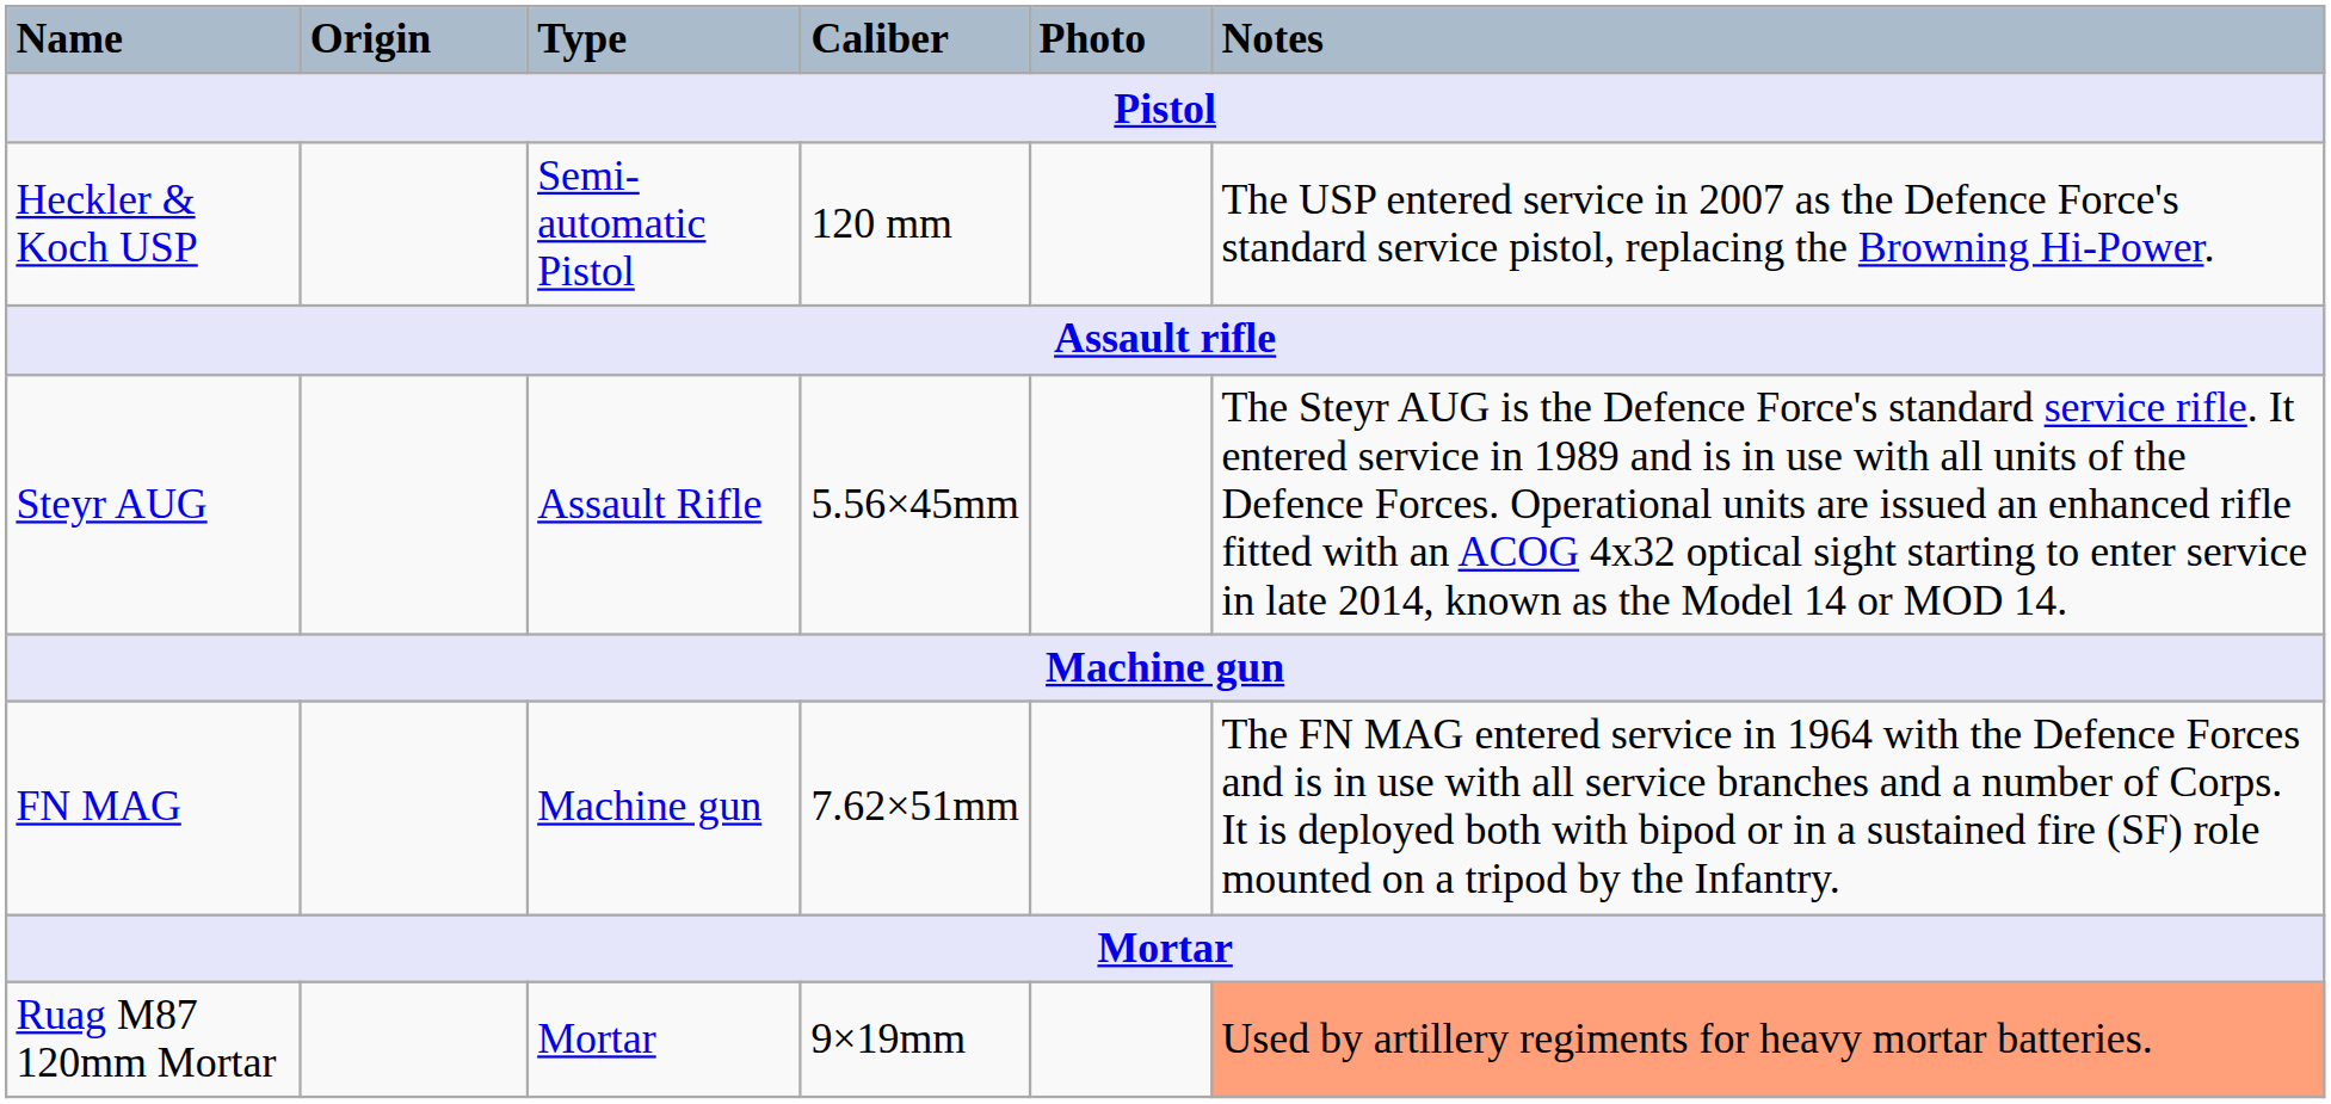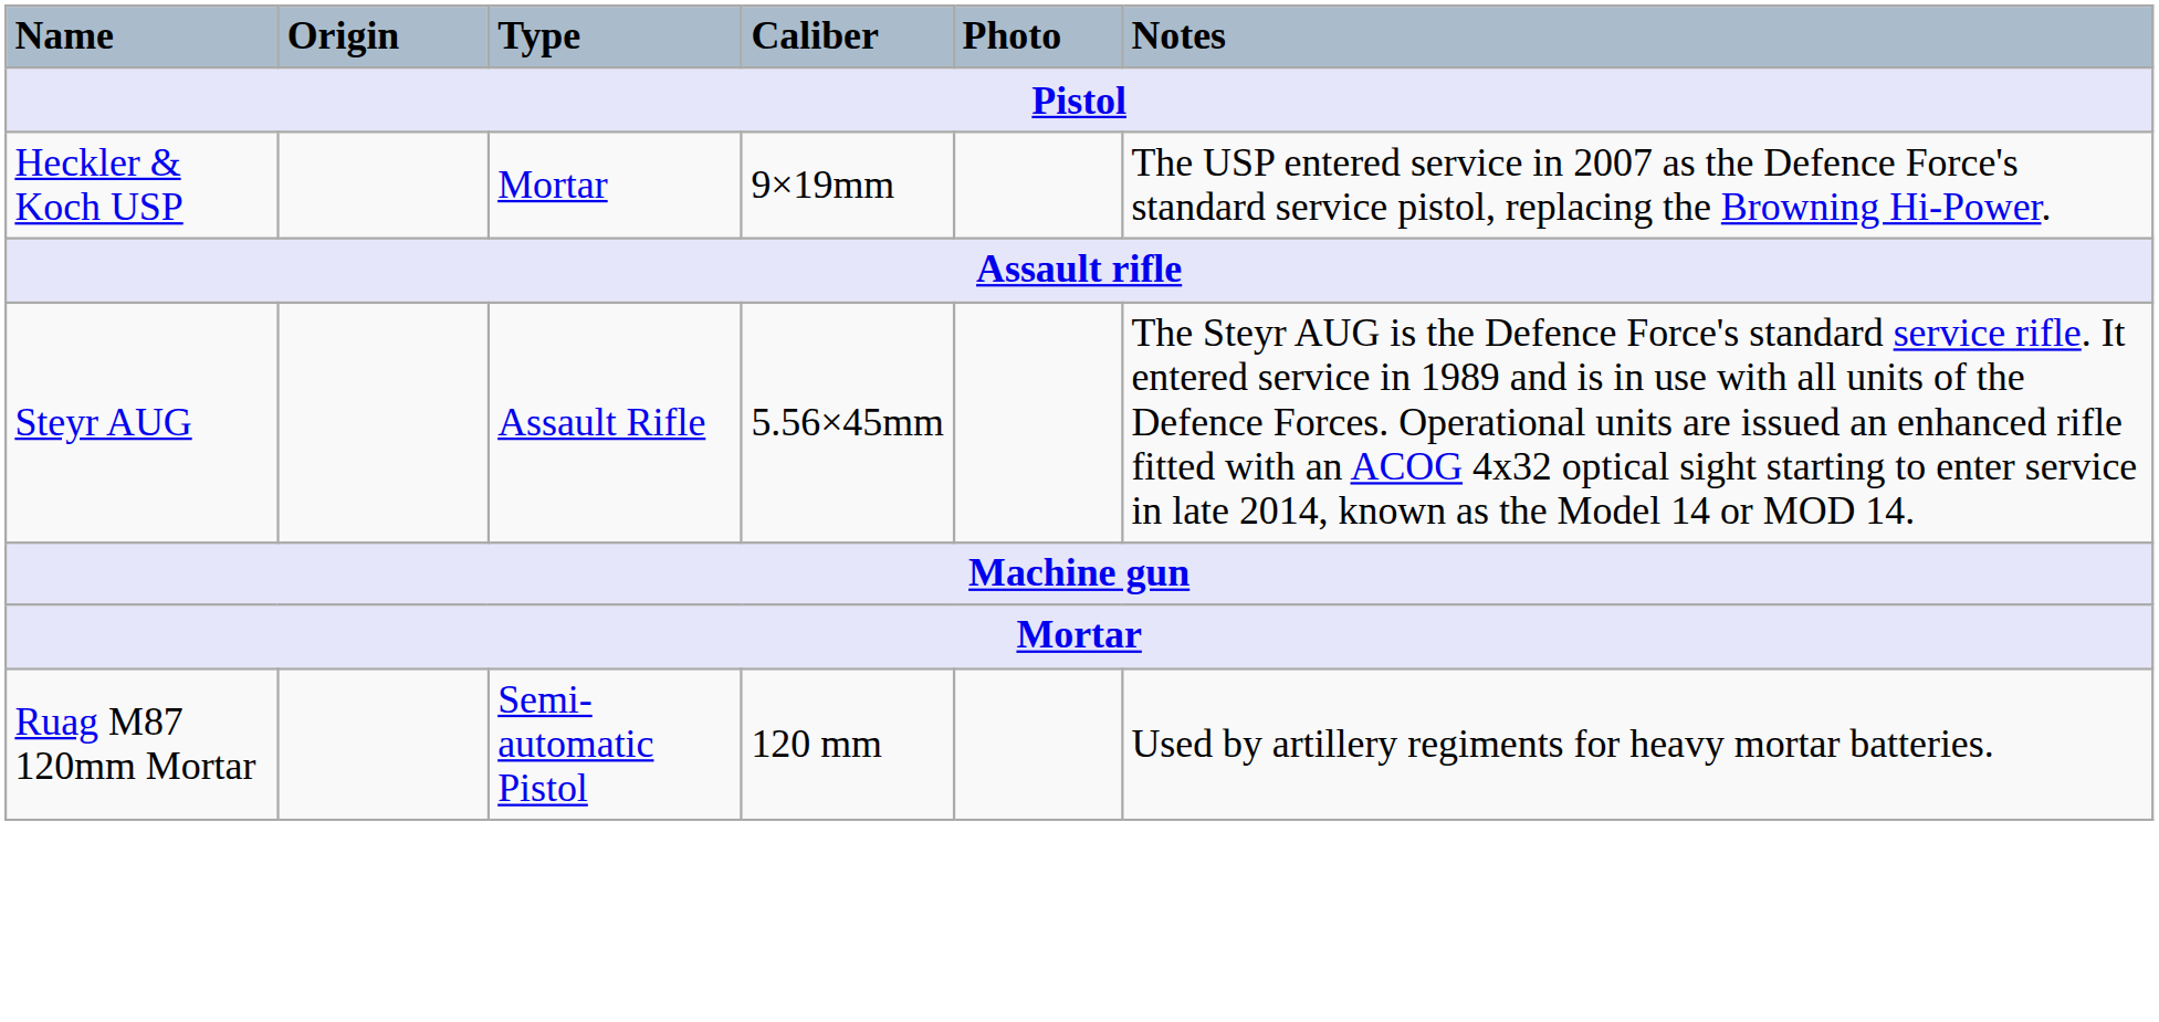 <table class="wikitable">
 <tr>
 <th style="text-align: left; background: #aabccc; width:13%;">Name</th>
 <th style="text-align: left; background: #aabccc; width:10%;">Origin</th>
 <th style="text-align: left; background: #aabccc; width:12%;">Type</th>
 <th style="text-align: left; background: #aabccc; width:7%;">Caliber</th>
 <th style="text-align: left; background: #aabccc;width:8%; ">Photo</th>
 <th style="text-align: left; background: #aabccc;width:50%;">Notes</th>
 </tr>
 <tr>
 <th style="align: center; background: lavender;" colspan="6"><a href='#'>Pistol</a></th>
 </tr>
 <tr>
 <td><a href='#'>Heckler & Koch USP</a></td>
 <td></td>
-<td><a href='#'>Semi-automatic Pistol</a></td>
-<td>120 mm</td>
+<td><a href='#'>Mortar</a></td>
+<td>9×19mm</td>
 <td></td>
 <td>The USP entered service in 2007 as the Defence Force's standard service pistol, replacing the <a href='#'>Browning Hi-Power</a>.</td>
 </tr>
 <tr>
 <th style="align: center; background: lavender;" colspan="6"><a href='#'>Assault rifle</a></th>
 </tr>
 <tr>
 <td><a href='#'>Steyr AUG</a></td>
 <td></td>
 <td><a href='#'>Assault Rifle</a></td>
 <td>5.56×45mm</td>
 <td></td>
 <td>The Steyr AUG is the Defence Force's standard <a href='#'>service rifle</a>. It entered service in 1989 and is in use with all units of the Defence Forces. Operational units are issued an enhanced rifle fitted with an <a href='#'>ACOG</a> 4x32 optical sight starting to enter service in late 2014, known as the Model 14 or MOD 14.</td>
 </tr>
 <tr>
 <th style="align: center; background: lavender;" colspan="6"><a href='#'>Machine gun</a></th>
 </tr>
 <tr>
-<td><a href='#'>FN MAG</a></td>
-<td></td>
-<td><a href='#'>Machine gun</a></td>
-<td>7.62×51mm</td>
-<td></td>
-<td>The FN MAG entered service in 1964 with the Defence Forces and is in use with all service branches and a number of Corps. It is deployed both with bipod or in a sustained fire (SF) role mounted on a tripod by the Infantry.</td>
-</tr>
-<tr>
 <th style="align: center; background: lavender;" colspan="6"><a href='#'>Mortar</a></th>
 </tr>
 <tr>
 <td><a href='#'>Ruag</a> M87 120mm Mortar</td>
 <td></td>
-<td><a href='#'>Mortar</a></td>
-<td>9×19mm</td>
+<td><a href='#'>Semi-automatic Pistol</a></td>
+<td>120 mm</td>
 <td></td>
-<td style="background: lightsalmon;">Used by artillery regiments for heavy mortar batteries.</td>
+<td>Used by artillery regiments for heavy mortar batteries.</td>
 </tr>
 </table>
